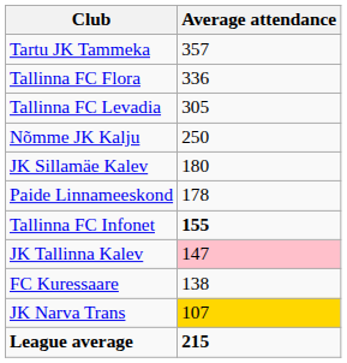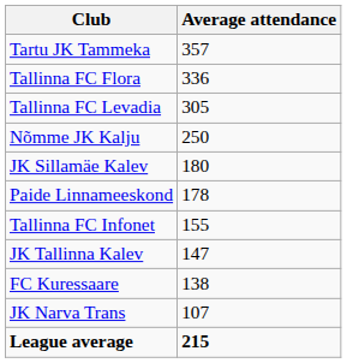 <table class="wikitable sortable">
 <tr>
 <th>Club</th>
 <th>Average attendance</th>
 </tr>
 <tr>
 <td><a href='#'>Tartu JK Tammeka</a></td>
 <td>357</td>
 </tr>
 <tr>
 <td><a href='#'>Tallinna FC Flora</a></td>
 <td>336</td>
 </tr>
 <tr>
 <td><a href='#'>Tallinna FC Levadia</a></td>
 <td>305</td>
 </tr>
 <tr>
 <td><a href='#'>Nõmme JK Kalju</a></td>
 <td>250</td>
 </tr>
 <tr>
 <td><a href='#'>JK Sillamäe Kalev</a></td>
 <td>180</td>
 </tr>
 <tr>
 <td><a href='#'>Paide Linnameeskond</a></td>
 <td>178</td>
 </tr>
 <tr>
 <td><a href='#'>Tallinna FC Infonet</a></td>
-<td><strong>155</strong></td>
+<td>155</td>
 </tr>
 <tr>
 <td><a href='#'>JK Tallinna Kalev</a></td>
-<td style="background: pink;">147</td>
+<td>147</td>
 </tr>
 <tr>
 <td><a href='#'>FC Kuressaare</a></td>
 <td>138</td>
 </tr>
 <tr>
 <td><a href='#'>JK Narva Trans</a></td>
-<td style="background: gold;">107</td>
+<td>107</td>
 </tr>
 <tr>
 <td><strong>League average</strong></td>
 <td><strong>215</strong></td>
 </tr>
 </table>
